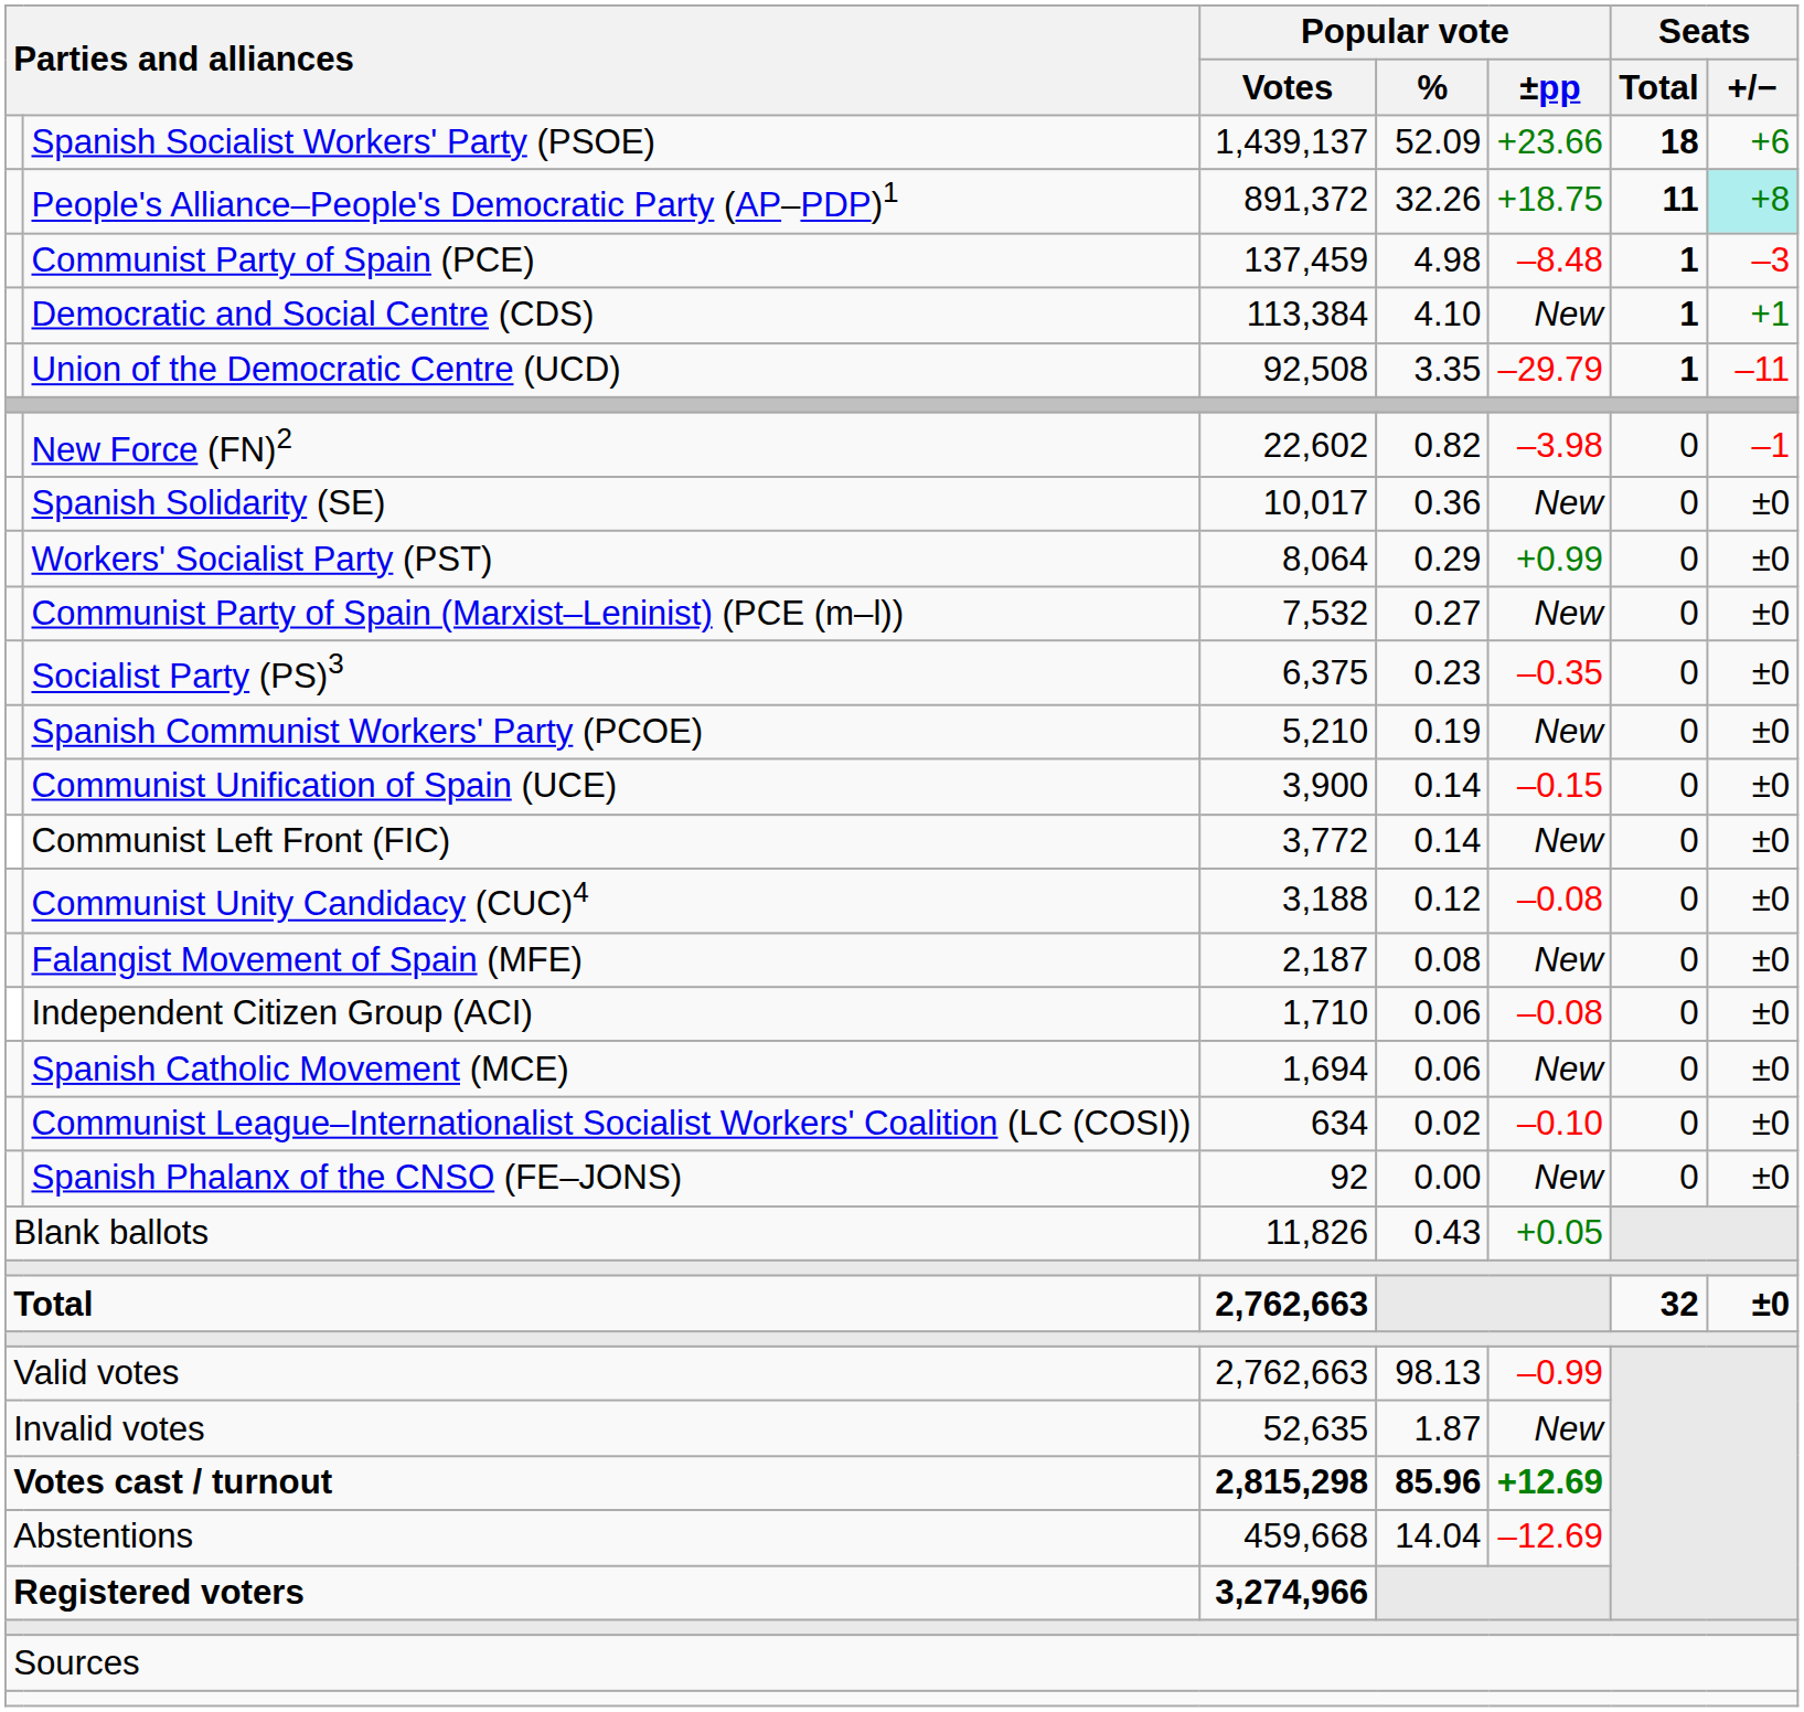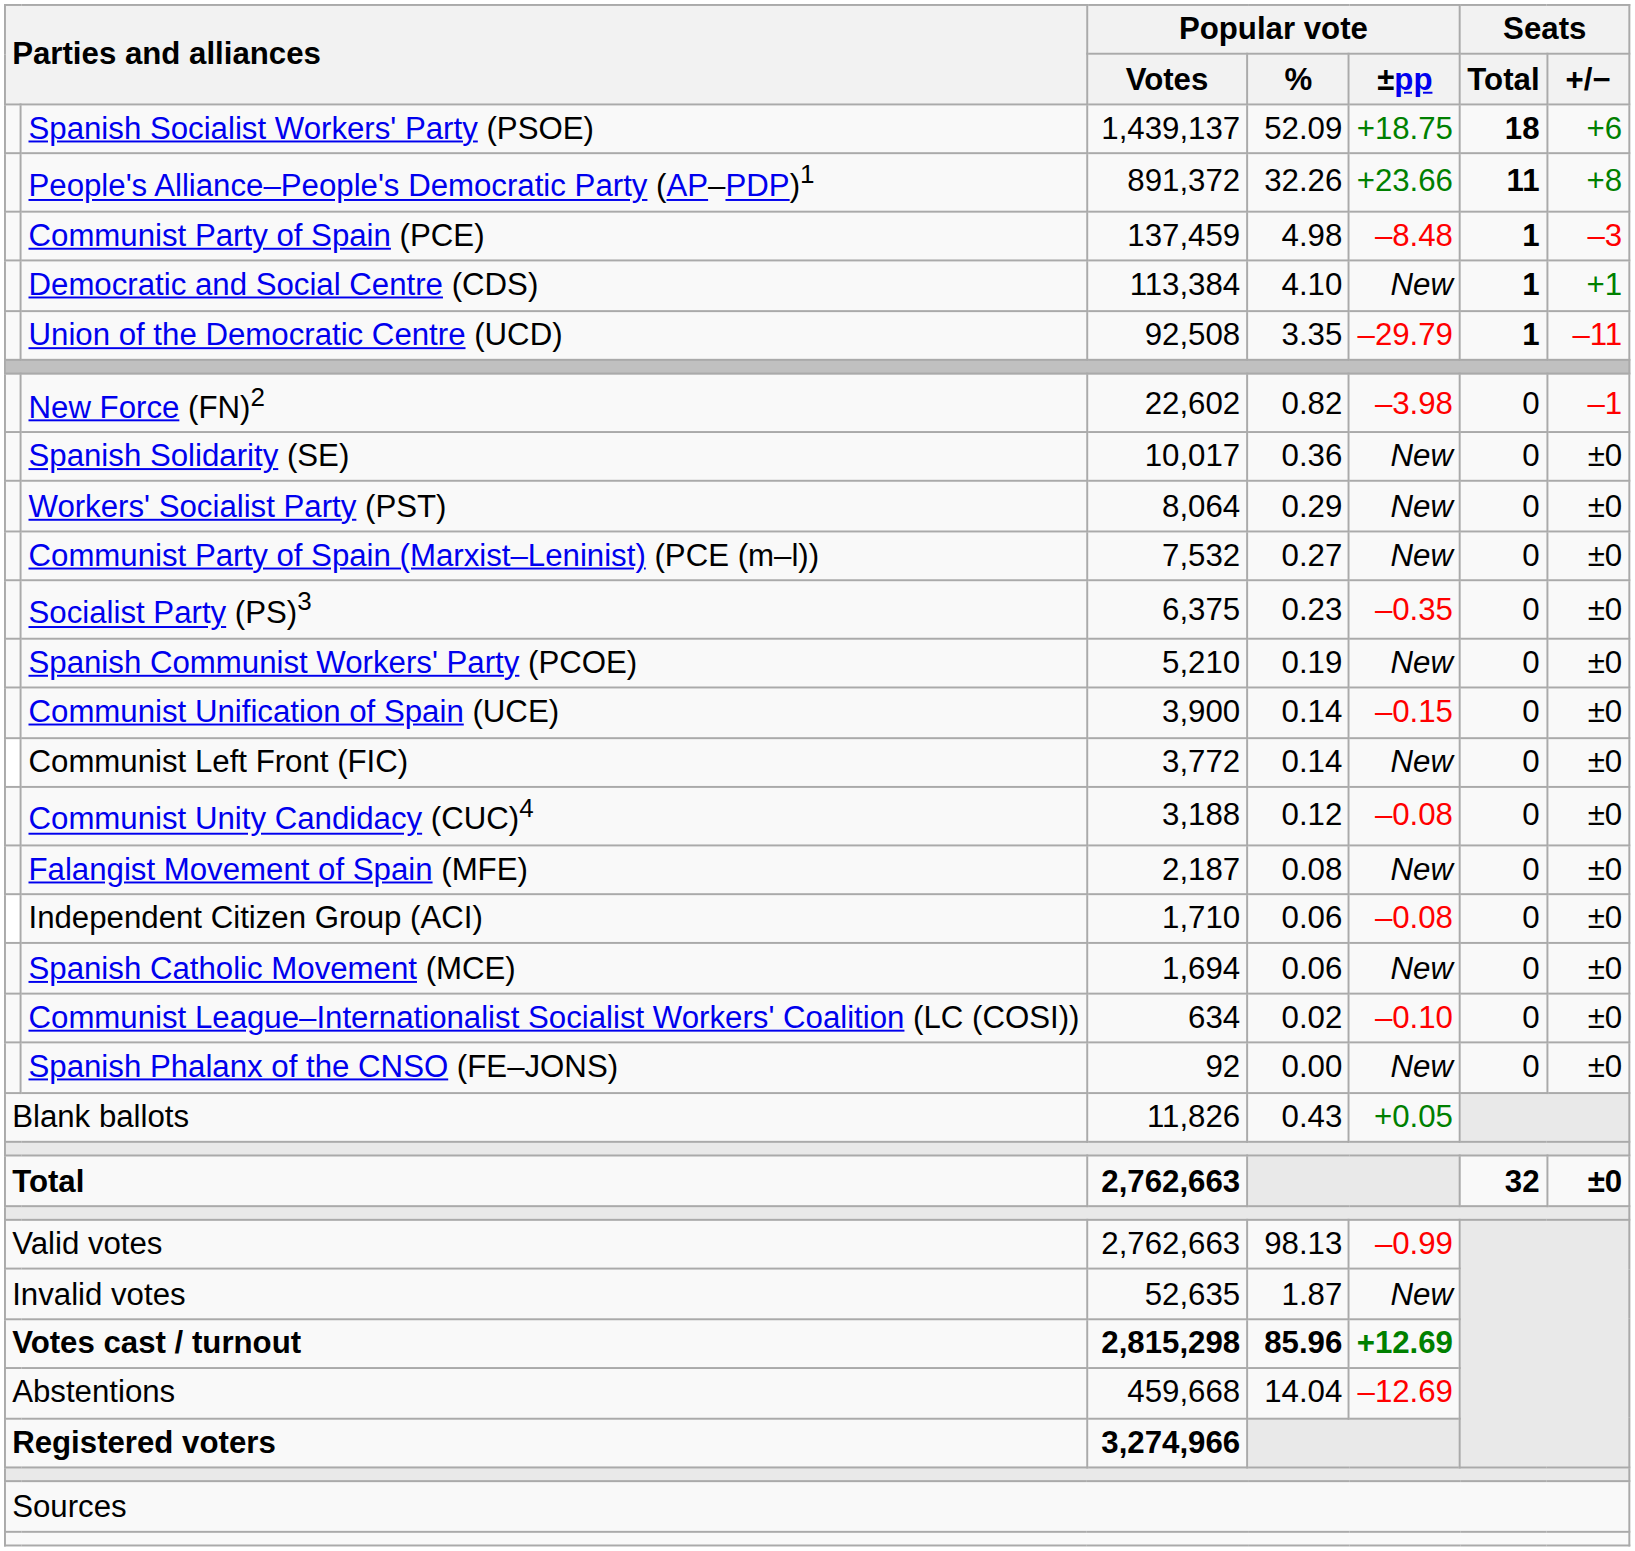 <table class="wikitable" style="text-align:right;">
 <tr>
 <th style="text-align:left;" rowspan="2" colspan="2" width="525">Parties and alliances</th>
 <th colspan="3">Popular vote</th>
 <th colspan="2">Seats</th>
 </tr>
 <tr>
 <th width="75">Votes</th>
 <th width="45">%</th>
 <th width="45">±<a href='#'>pp</a></th>
 <th width="35">Total</th>
 <th width="35">+/−</th>
 </tr>
 <tr>
 <td width="1" style="color:inherit;background:"></td>
 <td align="left"><a href='#'>Spanish Socialist Workers' Party</a> (PSOE)</td>
 <td>1,439,137</td>
 <td>52.09</td>
-<td style="color:green;">+23.66</td>
+<td style="color:green;">+18.75</td>
 <td><strong>18</strong></td>
 <td style="color:green;">+6</td>
 </tr>
 <tr>
 <td style="color:inherit;background:"></td>
 <td align="left"><a href='#'>People's Alliance–People's Democratic Party</a> (<a href='#'>AP</a>–<a href='#'>PDP</a>)<sup>1</sup></td>
 <td>891,372</td>
 <td>32.26</td>
-<td style="color:green;">+18.75</td>
+<td style="color:green;">+23.66</td>
 <td><strong>11</strong></td>
-<td style="background: paleturquoise; color:green;">+8</td>
+<td style="color:green;">+8</td>
 </tr>
 <tr>
 <td style="color:inherit;background:"></td>
 <td align="left"><a href='#'>Communist Party of Spain</a> (PCE)</td>
 <td>137,459</td>
 <td>4.98</td>
 <td style="color:red;">–8.48</td>
 <td><strong>1</strong></td>
 <td style="color:red;">–3</td>
 </tr>
 <tr>
 <td style="color:inherit;background:"></td>
 <td align="left"><a href='#'>Democratic and Social Centre</a> (CDS)</td>
 <td>113,384</td>
 <td>4.10</td>
 <td><em>New</em></td>
 <td><strong>1</strong></td>
 <td style="color:green;">+1</td>
 </tr>
 <tr>
 <td style="color:inherit;background:"></td>
 <td align="left"><a href='#'>Union of the Democratic Centre</a> (UCD)</td>
 <td>92,508</td>
 <td>3.35</td>
 <td style="color:red;">–29.79</td>
 <td><strong>1</strong></td>
 <td style="color:red;">–11</td>
 </tr>
 <tr>
 <td colspan="7" bgcolor="#C0C0C0"></td>
 </tr>
 <tr>
 <td style="color:inherit;background:"></td>
 <td align="left"><a href='#'>New Force</a> (FN)<sup>2</sup></td>
 <td>22,602</td>
 <td>0.82</td>
 <td style="color:red;">–3.98</td>
 <td>0</td>
 <td style="color:red;">–1</td>
 </tr>
 <tr>
 <td style="color:inherit;background:"></td>
 <td align="left"><a href='#'>Spanish Solidarity</a> (SE)</td>
 <td>10,017</td>
 <td>0.36</td>
 <td><em>New</em></td>
 <td>0</td>
 <td>±0</td>
 </tr>
 <tr>
 <td style="color:inherit;background:"></td>
 <td align="left"><a href='#'>Workers' Socialist Party</a> (PST)</td>
 <td>8,064</td>
 <td>0.29</td>
-<td style="color:green;">+0.99</td>
+<td><em>New</em></td>
 <td>0</td>
 <td>±0</td>
 </tr>
 <tr>
 <td style="color:inherit;background:"></td>
 <td align="left"><a href='#'>Communist Party of Spain (Marxist–Leninist)</a> (PCE (m–l))</td>
 <td>7,532</td>
 <td>0.27</td>
 <td><em>New</em></td>
 <td>0</td>
 <td>±0</td>
 </tr>
 <tr>
 <td style="color:inherit;background:"></td>
 <td align="left"><a href='#'>Socialist Party</a> (PS)<sup>3</sup></td>
 <td>6,375</td>
 <td>0.23</td>
 <td style="color:red;">–0.35</td>
 <td>0</td>
 <td>±0</td>
 </tr>
 <tr>
 <td style="color:inherit;background:"></td>
 <td align="left"><a href='#'>Spanish Communist Workers' Party</a> (PCOE)</td>
 <td>5,210</td>
 <td>0.19</td>
 <td><em>New</em></td>
 <td>0</td>
 <td>±0</td>
 </tr>
 <tr>
 <td style="color:inherit;background:"></td>
 <td align="left"><a href='#'>Communist Unification of Spain</a> (UCE)</td>
 <td>3,900</td>
 <td>0.14</td>
 <td style="color:red;">–0.15</td>
 <td>0</td>
 <td>±0</td>
 </tr>
 <tr>
 <td bgcolor="white"></td>
 <td align="left">Communist Left Front (FIC)</td>
 <td>3,772</td>
 <td>0.14</td>
 <td><em>New</em></td>
 <td>0</td>
 <td>±0</td>
 </tr>
 <tr>
 <td style="color:inherit;background:"></td>
 <td align="left"><a href='#'>Communist Unity Candidacy</a> (CUC)<sup>4</sup></td>
 <td>3,188</td>
 <td>0.12</td>
 <td style="color:red;">–0.08</td>
 <td>0</td>
 <td>±0</td>
 </tr>
 <tr>
 <td style="color:inherit;background:"></td>
 <td align="left"><a href='#'>Falangist Movement of Spain</a> (MFE)</td>
 <td>2,187</td>
 <td>0.08</td>
 <td><em>New</em></td>
 <td>0</td>
 <td>±0</td>
 </tr>
 <tr>
 <td bgcolor="white"></td>
 <td align="left">Independent Citizen Group (ACI)</td>
 <td>1,710</td>
 <td>0.06</td>
 <td style="color:red;">–0.08</td>
 <td>0</td>
 <td>±0</td>
 </tr>
 <tr>
 <td style="color:inherit;background:"></td>
 <td align="left"><a href='#'>Spanish Catholic Movement</a> (MCE)</td>
 <td>1,694</td>
 <td>0.06</td>
 <td><em>New</em></td>
 <td>0</td>
 <td>±0</td>
 </tr>
 <tr>
 <td style="color:inherit;background:"></td>
 <td align="left"><a href='#'>Communist League–Internationalist Socialist Workers' Coalition</a> (LC (COSI))</td>
 <td>634</td>
 <td>0.02</td>
 <td style="color:red;">–0.10</td>
 <td>0</td>
 <td>±0</td>
 </tr>
 <tr>
 <td style="color:inherit;background:"></td>
 <td align="left"><a href='#'>Spanish Phalanx of the CNSO</a> (FE–JONS)</td>
 <td>92</td>
 <td>0.00</td>
 <td><em>New</em></td>
 <td>0</td>
 <td>±0</td>
 </tr>
 <tr>
 <td align="left" colspan="2">Blank ballots</td>
 <td>11,826</td>
 <td>0.43</td>
 <td style="color:green;">+0.05</td>
 <td bgcolor="#E9E9E9" colspan="2"></td>
 </tr>
 <tr>
 <td colspan="7" bgcolor="#E9E9E9"></td>
 </tr>
 <tr style="font-weight:bold;">
 <td align="left" colspan="2">Total</td>
 <td>2,762,663</td>
 <td bgcolor="#E9E9E9" colspan="2"></td>
 <td>32</td>
 <td>±0</td>
 </tr>
 <tr>
 <td colspan="7" bgcolor="#E9E9E9"></td>
 </tr>
 <tr>
 <td align="left" colspan="2">Valid votes</td>
 <td>2,762,663</td>
 <td>98.13</td>
 <td style="color:red;">–0.99</td>
 <td bgcolor="#E9E9E9" colspan="2" rowspan="5"></td>
 </tr>
 <tr>
 <td align="left" colspan="2">Invalid votes</td>
 <td>52,635</td>
 <td>1.87</td>
 <td><em>New</em></td>
 </tr>
 <tr style="font-weight:bold;">
 <td align="left" colspan="2">Votes cast / turnout</td>
 <td>2,815,298</td>
 <td>85.96</td>
 <td style="color:green;">+12.69</td>
 </tr>
 <tr>
 <td align="left" colspan="2">Abstentions</td>
 <td>459,668</td>
 <td>14.04</td>
 <td style="color:red;">–12.69</td>
 </tr>
 <tr style="font-weight:bold;">
 <td align="left" colspan="2">Registered voters</td>
 <td>3,274,966</td>
 <td bgcolor="#E9E9E9" colspan="2"></td>
 </tr>
 <tr>
 <td colspan="7" bgcolor="#E9E9E9"></td>
 </tr>
 <tr>
 <td align="left" colspan="7">Sources</td>
 </tr>
 <tr>
 <td colspan="7" style="text-align:left; max-width:790px;"></td>
 </tr>
 </table>
